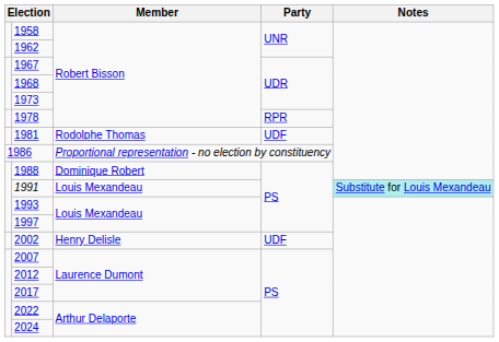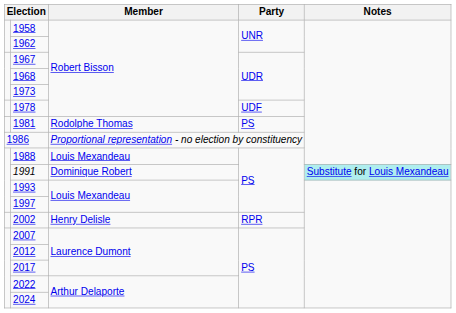 <table class="wikitable">
 <tr>
 <th colspan="2">Election</th>
 <th>Member</th>
 <th>Party</th>
 <th>Notes</th>
 </tr>
 <tr>
 <td rowspan="2" style="color:inherit;background-color: "></td>
 <td><a href='#'>1958</a></td>
 <td rowspan="6"><a href='#'>Robert Bisson</a></td>
 <td rowspan="2"><a href='#'>UNR</a></td>
 </tr>
 <tr>
 <td><a href='#'>1962</a></td>
 </tr>
 <tr>
 <td rowspan="3" style="color:inherit;background-color: "></td>
 <td><a href='#'>1967</a></td>
 <td rowspan="3"><a href='#'>UDR</a></td>
 </tr>
 <tr>
 <td><a href='#'>1968</a></td>
 </tr>
 <tr>
 <td><a href='#'>1973</a></td>
 </tr>
 <tr>
 <td style="color:inherit;background-color: "></td>
 <td><a href='#'>1978</a></td>
-<td><a href='#'>RPR</a></td>
+<td><a href='#'>UDF</a></td>
 </tr>
 <tr>
 <td style="color:inherit;background-color: "></td>
 <td><a href='#'>1981</a></td>
 <td><a href='#'>Rodolphe Thomas</a></td>
-<td><a href='#'>UDF</a></td>
+<td><a href='#'>PS</a></td>
 </tr>
 <tr>
 <td colspan="2"><a href='#'>1986</a></td>
 <td colspan="2"><em><a href='#'>Proportional representation</a> - no election by constituency</em></td>
 </tr>
 <tr>
 <td rowspan=4 style="color:inherit;background-color: "></td>
 <td><a href='#'>1988</a></td>
-<td><a href='#'>Dominique Robert</a></td>
+<td><a href='#'>Louis Mexandeau</a></td>
 <td rowspan=4><a href='#'>PS</a></td>
 </tr>
 <tr>
 <td><em>1991</em></td>
-<td><a href='#'>Louis Mexandeau</a></td>
+<td><a href='#'>Dominique Robert</a></td>
 <td style="background: paleturquoise;"><a href='#'>Substitute</a> for <a href='#'>Louis Mexandeau</a></td>
 </tr>
 <tr>
 <td><a href='#'>1993</a></td>
 <td rowspan=2><a href='#'>Louis Mexandeau</a></td>
 </tr>
 <tr>
 <td><a href='#'>1997</a></td>
 </tr>
 <tr>
 <td style="color:inherit;background-color: "></td>
 <td><a href='#'>2002</a></td>
 <td><a href='#'>Henry Delisle</a></td>
-<td><a href='#'>UDF</a></td>
+<td><a href='#'>RPR</a></td>
 </tr>
 <tr>
 <td rowspan=5 style="color:inherit;background-color: "></td>
 <td><a href='#'>2007</a></td>
 <td rowspan=3><a href='#'>Laurence Dumont</a></td>
 <td rowspan=5><a href='#'>PS</a></td>
 </tr>
 <tr>
 <td><a href='#'>2012</a></td>
 </tr>
 <tr>
 <td><a href='#'>2017</a></td>
 </tr>
 <tr>
 <td><a href='#'>2022</a></td>
 <td rowspan=2><a href='#'>Arthur Delaporte</a></td>
 </tr>
 <tr>
 <td><a href='#'>2024</a></td>
 </tr>
 </table>
